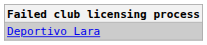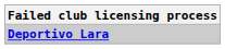 <table class="wikitable">
 <tr>
 <th colspan=3>Failed club licensing process</th>
 </tr>
 <tr bgcolor=#CCCCCC>
-<td><a href='#'>Deportivo Lara</a></td>
+<td><strong><a href='#'>Deportivo Lara</a></strong></td>
 </tr>
 </table>
